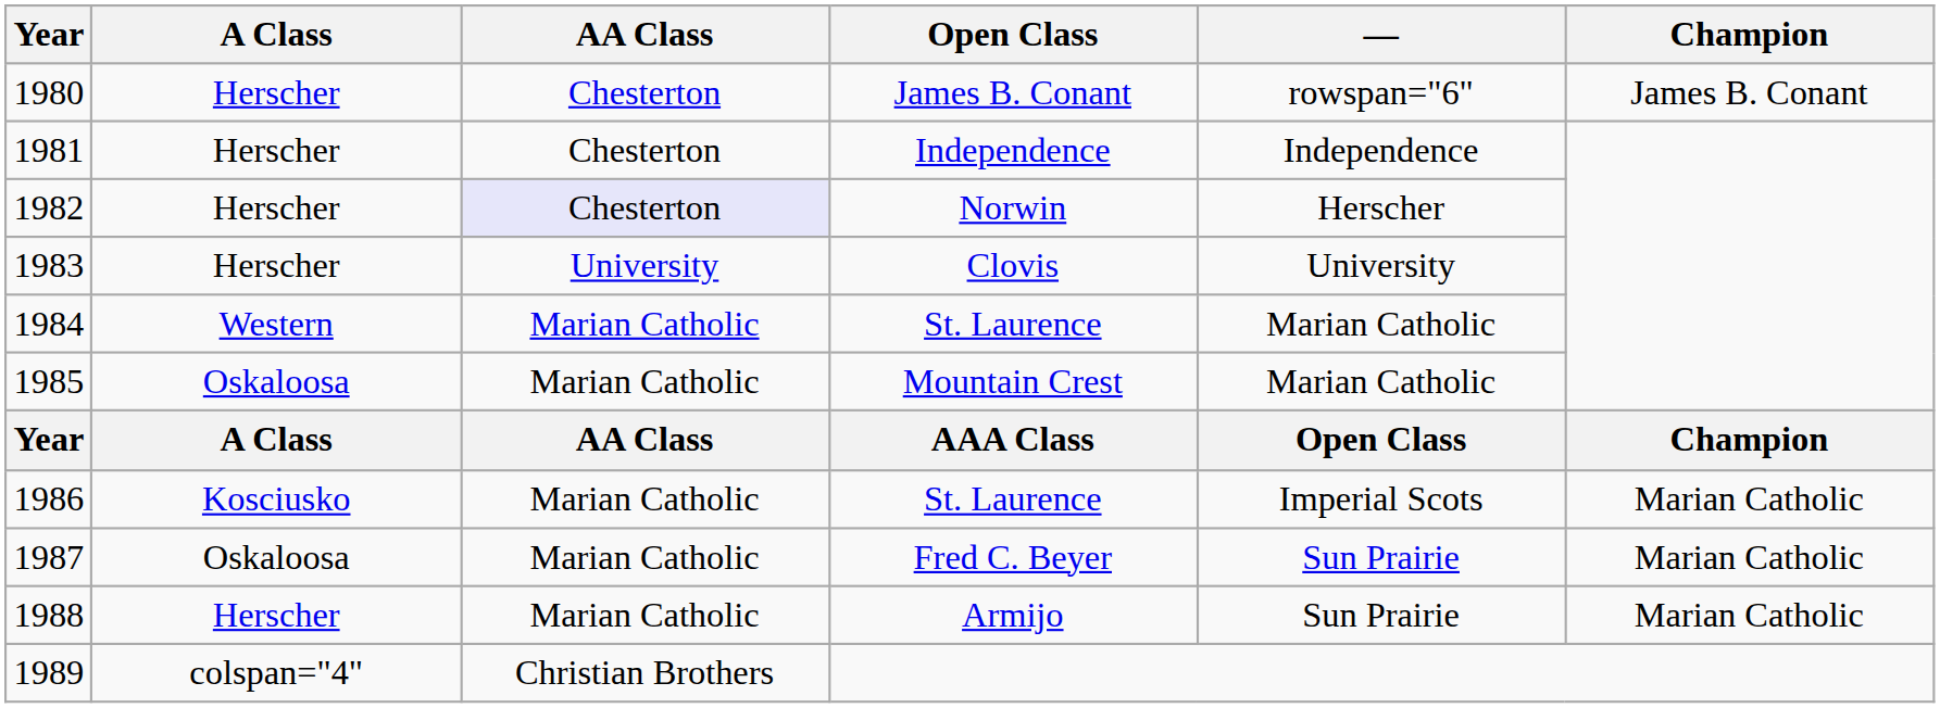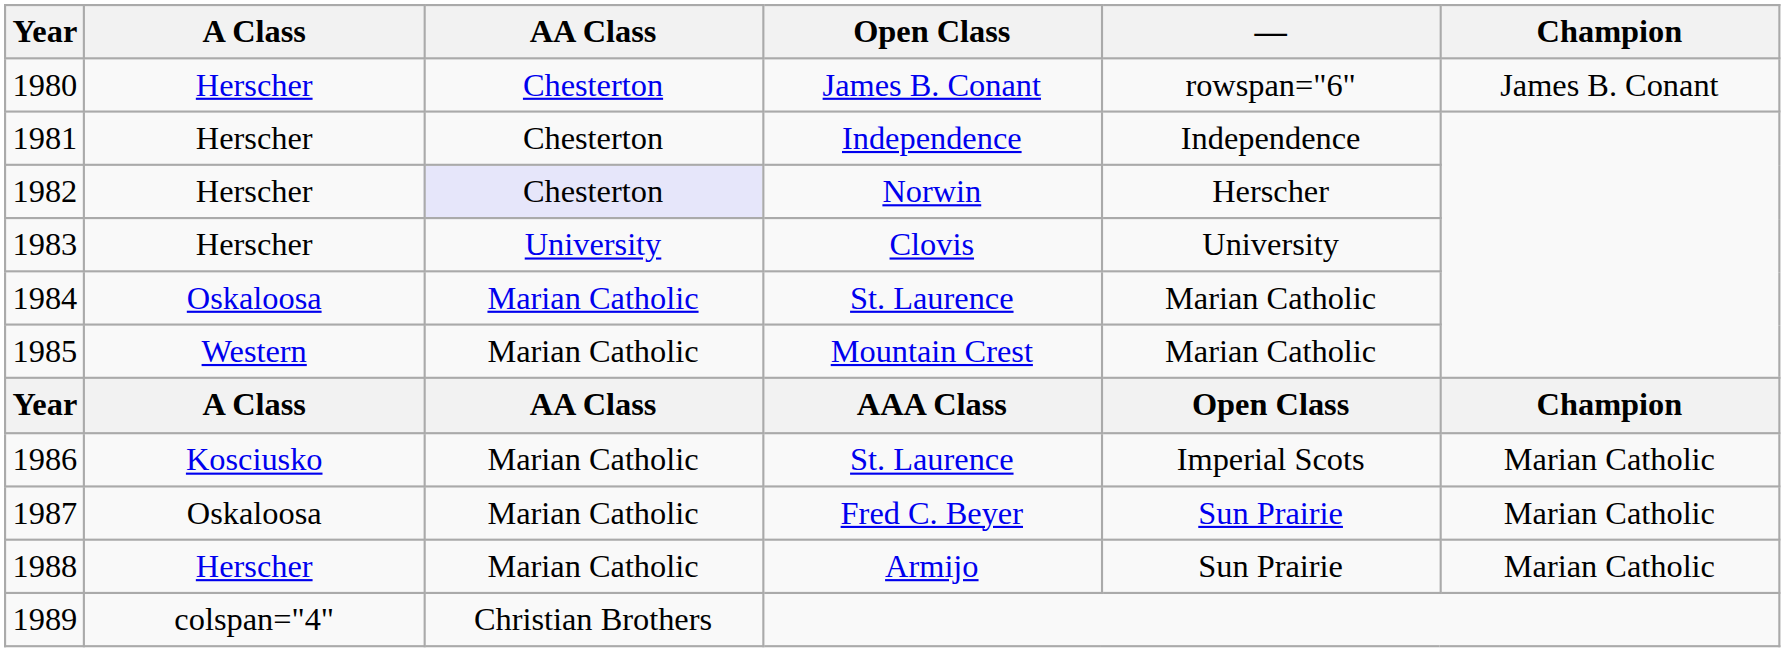 <table class="wikitable" style="font-size: 95%; text-align: center;">
 <tr>
 <th>Year</th>
 <th style="min-width: 10em;">A Class</th>
 <th style="min-width: 10em;">AA Class</th>
 <th style="min-width: 10em;">Open Class</th>
 <th style="min-width: 10em;">—</th>
 <th style="min-width: 10em;">Champion</th>
 </tr>
 <tr>
 <td>1980</td>
 <td><a href='#'>Herscher</a></td>
 <td><a href='#'>Chesterton</a></td>
 <td><a href='#'>James B. Conant</a></td>
 <td>rowspan="6" </td>
 <td>James B. Conant</td>
 </tr>
 <tr>
 <td>1981</td>
 <td>Herscher </td>
 <td>Chesterton </td>
 <td><a href='#'>Independence</a></td>
 <td>Independence</td>
 </tr>
 <tr>
 <td>1982</td>
 <td>Herscher </td>
 <td style="background: lavender;">Chesterton </td>
 <td><a href='#'>Norwin</a></td>
 <td>Herscher</td>
 </tr>
 <tr>
 <td>1983</td>
 <td>Herscher </td>
 <td><a href='#'>University</a></td>
 <td><a href='#'>Clovis</a></td>
 <td>University</td>
 </tr>
 <tr>
 <td>1984</td>
-<td><a href='#'>Western</a></td>
+<td><a href='#'>Oskaloosa</a></td>
 <td><a href='#'>Marian Catholic</a></td>
 <td><a href='#'>St. Laurence</a></td>
 <td>Marian Catholic</td>
 </tr>
 <tr>
 <td>1985</td>
-<td><a href='#'>Oskaloosa</a></td>
+<td><a href='#'>Western</a></td>
 <td>Marian Catholic </td>
 <td><a href='#'>Mountain Crest</a></td>
 <td>Marian Catholic </td>
 </tr>
 <tr>
 <th>Year</th>
 <th>A Class</th>
 <th>AA Class</th>
 <th>AAA Class</th>
 <th>Open Class</th>
 <th>Champion</th>
 </tr>
 <tr>
 <td>1986</td>
 <td><a href='#'>Kosciusko</a></td>
 <td>Marian Catholic </td>
 <td><a href='#'>St. Laurence</a></td>
 <td>Imperial Scots</td>
 <td>Marian Catholic </td>
 </tr>
 <tr>
 <td>1987</td>
 <td>Oskaloosa </td>
 <td>Marian Catholic </td>
 <td><a href='#'>Fred C. Beyer</a></td>
 <td><a href='#'>Sun Prairie</a></td>
 <td>Marian Catholic </td>
 </tr>
 <tr>
 <td>1988</td>
 <td><a href='#'>Herscher</a></td>
 <td>Marian Catholic </td>
 <td><a href='#'>Armijo</a></td>
 <td>Sun Prairie </td>
 <td>Marian Catholic </td>
 </tr>
 <tr>
 <td>1989</td>
 <td>colspan="4" </td>
 <td>Christian Brothers</td>
 </tr>
 </table>
